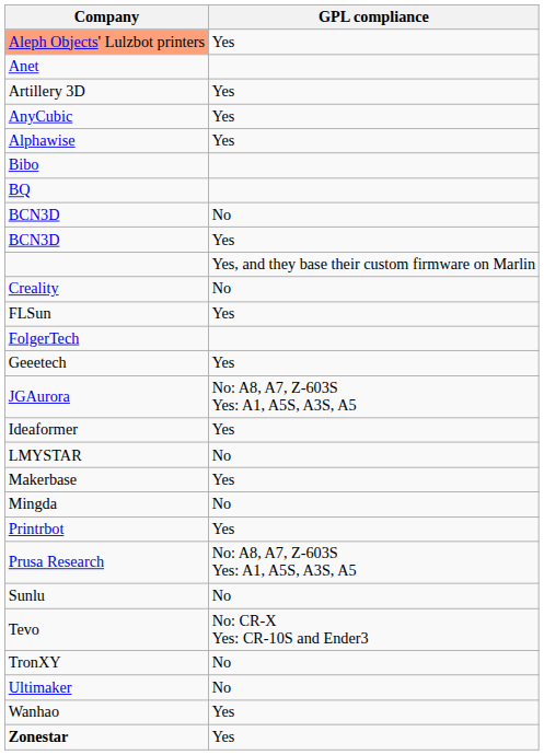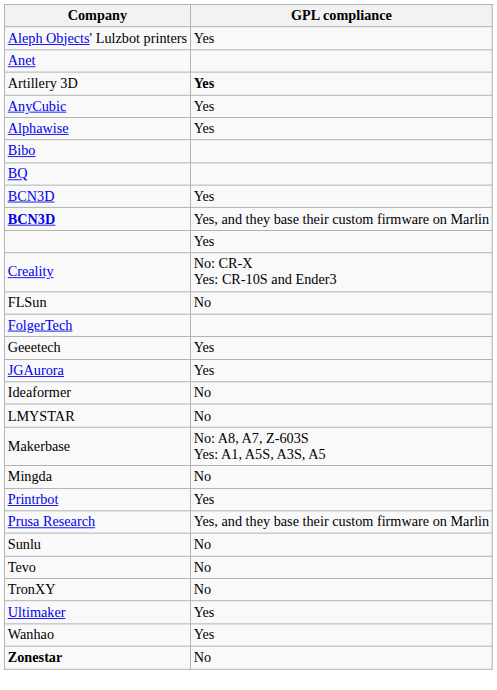 <table class="wikitable">
 <tr>
 <th>Company</th>
 <th>GPL compliance</th>
 </tr>
 <tr>
-<td style="background: lightsalmon;"><a href='#'>Aleph Objects</a>' Lulzbot printers</td>
+<td><a href='#'>Aleph Objects</a>' Lulzbot printers</td>
 <td>Yes</td>
 </tr>
 <tr>
 <td><a href='#'>Anet</a></td>
 <td></td>
 </tr>
 <tr>
 <td>Artillery 3D</td>
-<td>Yes</td>
+<td><strong>Yes</strong></td>
 </tr>
 <tr>
 <td><a href='#'>AnyCubic</a></td>
 <td>Yes</td>
 </tr>
 <tr>
 <td><a href='#'>Alphawise</a></td>
 <td>Yes</td>
 </tr>
 <tr>
 <td><a href='#'>Bibo</a></td>
 <td></td>
 </tr>
 <tr>
 <td><a href='#'>BQ</a></td>
 <td></td>
 </tr>
 <tr>
 <td><a href='#'>BCN3D</a></td>
-<td>No</td>
-</tr>
-<tr>
-<td><a href='#'>BCN3D</a></td>
 <td>Yes</td>
 </tr>
 <tr>
-<td></td>
+<td><strong><a href='#'>BCN3D</a></strong></td>
 <td>Yes, and they base their custom firmware on Marlin</td>
 </tr>
 <tr>
+<td></td>
+<td>Yes</td>
+</tr>
+<tr>
 <td><a href='#'>Creality</a></td>
-<td>No</td>
+<td>No: CR-X<br>Yes: CR-10S and Ender3</td>
 </tr>
 <tr>
 <td>FLSun</td>
-<td>Yes</td>
+<td>No</td>
 </tr>
 <tr>
 <td><a href='#'>FolgerTech</a></td>
 <td></td>
 </tr>
 <tr>
 <td>Geeetech</td>
 <td>Yes</td>
 </tr>
 <tr>
 <td><a href='#'>JGAurora</a></td>
-<td>No: A8, A7, Z-603S<br>Yes: A1, A5S, A3S, A5</td>
+<td>Yes</td>
 </tr>
 <tr>
 <td>Ideaformer</td>
-<td>Yes</td>
+<td>No</td>
 </tr>
 <tr>
 <td>LMYSTAR</td>
 <td>No</td>
 </tr>
 <tr>
 <td>Makerbase</td>
-<td>Yes</td>
+<td>No: A8, A7, Z-603S<br>Yes: A1, A5S, A3S, A5</td>
 </tr>
 <tr>
 <td>Mingda</td>
 <td>No</td>
 </tr>
 <tr>
 <td><a href='#'>Printrbot</a></td>
 <td>Yes</td>
 </tr>
 <tr>
 <td><a href='#'>Prusa Research</a></td>
-<td>No: A8, A7, Z-603S<br>Yes: A1, A5S, A3S, A5</td>
+<td>Yes, and they base their custom firmware on Marlin</td>
 </tr>
 <tr>
 <td>Sunlu</td>
 <td>No</td>
 </tr>
 <tr>
 <td>Tevo</td>
-<td>No: CR-X<br>Yes: CR-10S and Ender3</td>
+<td>No</td>
 </tr>
 <tr>
 <td>TronXY</td>
 <td>No</td>
 </tr>
 <tr>
 <td><a href='#'>Ultimaker</a></td>
-<td>No</td>
+<td>Yes</td>
 </tr>
 <tr>
 <td>Wanhao</td>
 <td>Yes</td>
 </tr>
 <tr>
 <td><strong>Zonestar</strong></td>
-<td>Yes</td>
+<td>No</td>
 </tr>
 </table>
